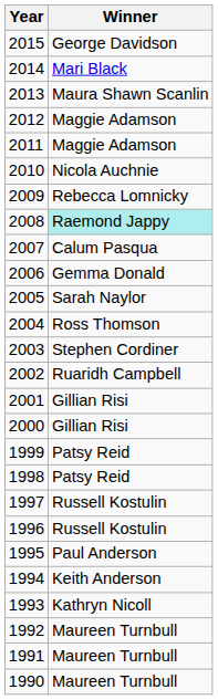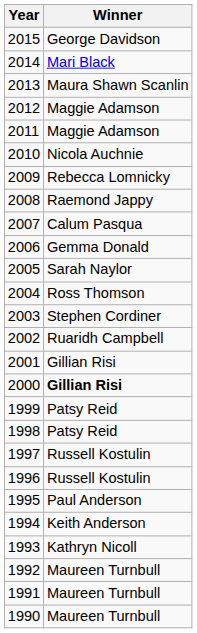 <table class="wikitable">
 <tr>
 <th>Year</th>
 <th>Winner</th>
 </tr>
 <tr>
 <td>2015</td>
 <td>George Davidson</td>
 </tr>
 <tr>
 <td>2014</td>
 <td><a href='#'>Mari Black</a></td>
 </tr>
 <tr>
 <td>2013</td>
 <td>Maura Shawn Scanlin</td>
 </tr>
 <tr>
 <td>2012</td>
 <td>Maggie Adamson</td>
 </tr>
 <tr>
 <td>2011</td>
 <td>Maggie Adamson</td>
 </tr>
 <tr>
 <td>2010</td>
 <td>Nicola Auchnie</td>
 </tr>
 <tr>
 <td>2009</td>
 <td>Rebecca Lomnicky</td>
 </tr>
 <tr>
 <td>2008</td>
-<td style="background: paleturquoise;">Raemond Jappy</td>
+<td>Raemond Jappy</td>
 </tr>
 <tr>
 <td>2007</td>
 <td>Calum Pasqua</td>
 </tr>
 <tr>
 <td>2006</td>
 <td>Gemma Donald</td>
 </tr>
 <tr>
 <td>2005</td>
 <td>Sarah Naylor</td>
 </tr>
 <tr>
 <td>2004</td>
 <td>Ross Thomson</td>
 </tr>
 <tr>
 <td>2003</td>
 <td>Stephen Cordiner</td>
 </tr>
 <tr>
 <td>2002</td>
 <td>Ruaridh Campbell</td>
 </tr>
 <tr>
 <td>2001</td>
 <td>Gillian Risi</td>
 </tr>
 <tr>
 <td>2000</td>
-<td>Gillian Risi</td>
+<td><strong>Gillian Risi</strong></td>
 </tr>
 <tr>
 <td>1999</td>
 <td>Patsy Reid</td>
 </tr>
 <tr>
 <td>1998</td>
 <td>Patsy Reid</td>
 </tr>
 <tr>
 <td>1997</td>
 <td>Russell Kostulin</td>
 </tr>
 <tr>
 <td>1996</td>
 <td>Russell Kostulin</td>
 </tr>
 <tr>
 <td>1995</td>
 <td>Paul Anderson</td>
 </tr>
 <tr>
 <td>1994</td>
 <td>Keith Anderson</td>
 </tr>
 <tr>
 <td>1993</td>
 <td>Kathryn Nicoll</td>
 </tr>
 <tr>
 <td>1992</td>
 <td>Maureen Turnbull</td>
 </tr>
 <tr>
 <td>1991</td>
 <td>Maureen Turnbull</td>
 </tr>
 <tr>
 <td>1990</td>
 <td>Maureen Turnbull</td>
 </tr>
 </table>
